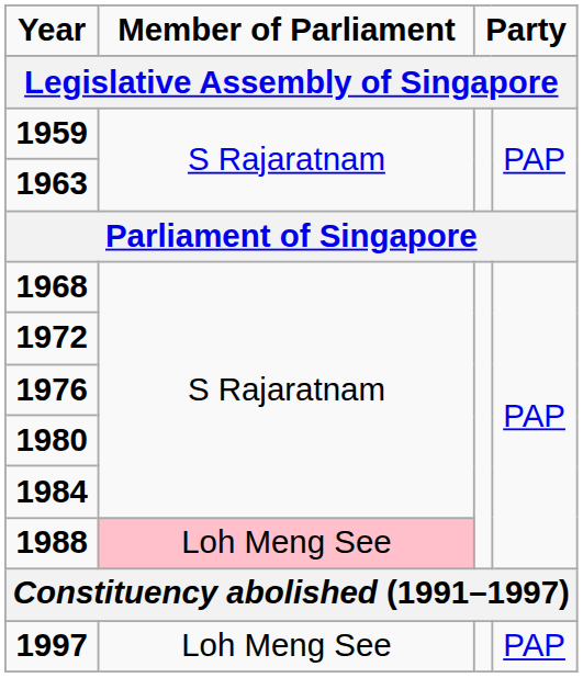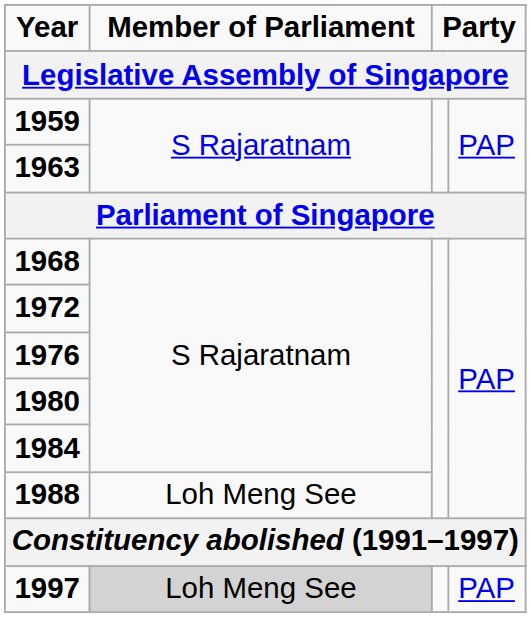 <table class="wikitable" align="center" style="text-align:center">
 <tr>
 <td><strong>Year</strong></td>
 <td><strong>Member of Parliament</strong></td>
 <td colspan="2"><strong>Party</strong></td>
 </tr>
 <tr>
 <th colspan="4"><a href='#'>Legislative Assembly of Singapore</a></th>
 </tr>
 <tr>
 <td><strong>1959</strong></td>
 <td rowspan="2"><a href='#'>S Rajaratnam</a></td>
 <td rowspan="2"></td>
 <td rowspan="2"><a href='#'>PAP</a></td>
 </tr>
 <tr>
 <td><strong>1963</strong></td>
 </tr>
 <tr>
 <th colspan="4"><a href='#'>Parliament of Singapore</a></th>
 </tr>
 <tr>
 <td><strong>1968</strong></td>
 <td rowspan="5">S Rajaratnam</td>
 <td rowspan="6"></td>
 <td rowspan="6"><a href='#'>PAP</a></td>
 </tr>
 <tr>
 <td><strong>1972</strong></td>
 </tr>
 <tr>
 <td><strong>1976</strong></td>
 </tr>
 <tr>
 <td><strong>1980</strong></td>
 </tr>
 <tr>
 <td><strong>1984</strong></td>
 </tr>
 <tr>
 <td><strong>1988</strong></td>
-<td style="background: pink;">Loh Meng See</td>
+<td>Loh Meng See</td>
 </tr>
 <tr>
 <th colspan="4"><em>Constituency abolished</em> (1991–1997)</th>
 </tr>
 <tr>
 <td><strong>1997</strong></td>
-<td>Loh Meng See</td>
+<td style="background: lightgrey;">Loh Meng See</td>
 <td rowspan="4"></td>
 <td rowspan="4"><a href='#'>PAP</a></td>
 </tr>
 </table>
